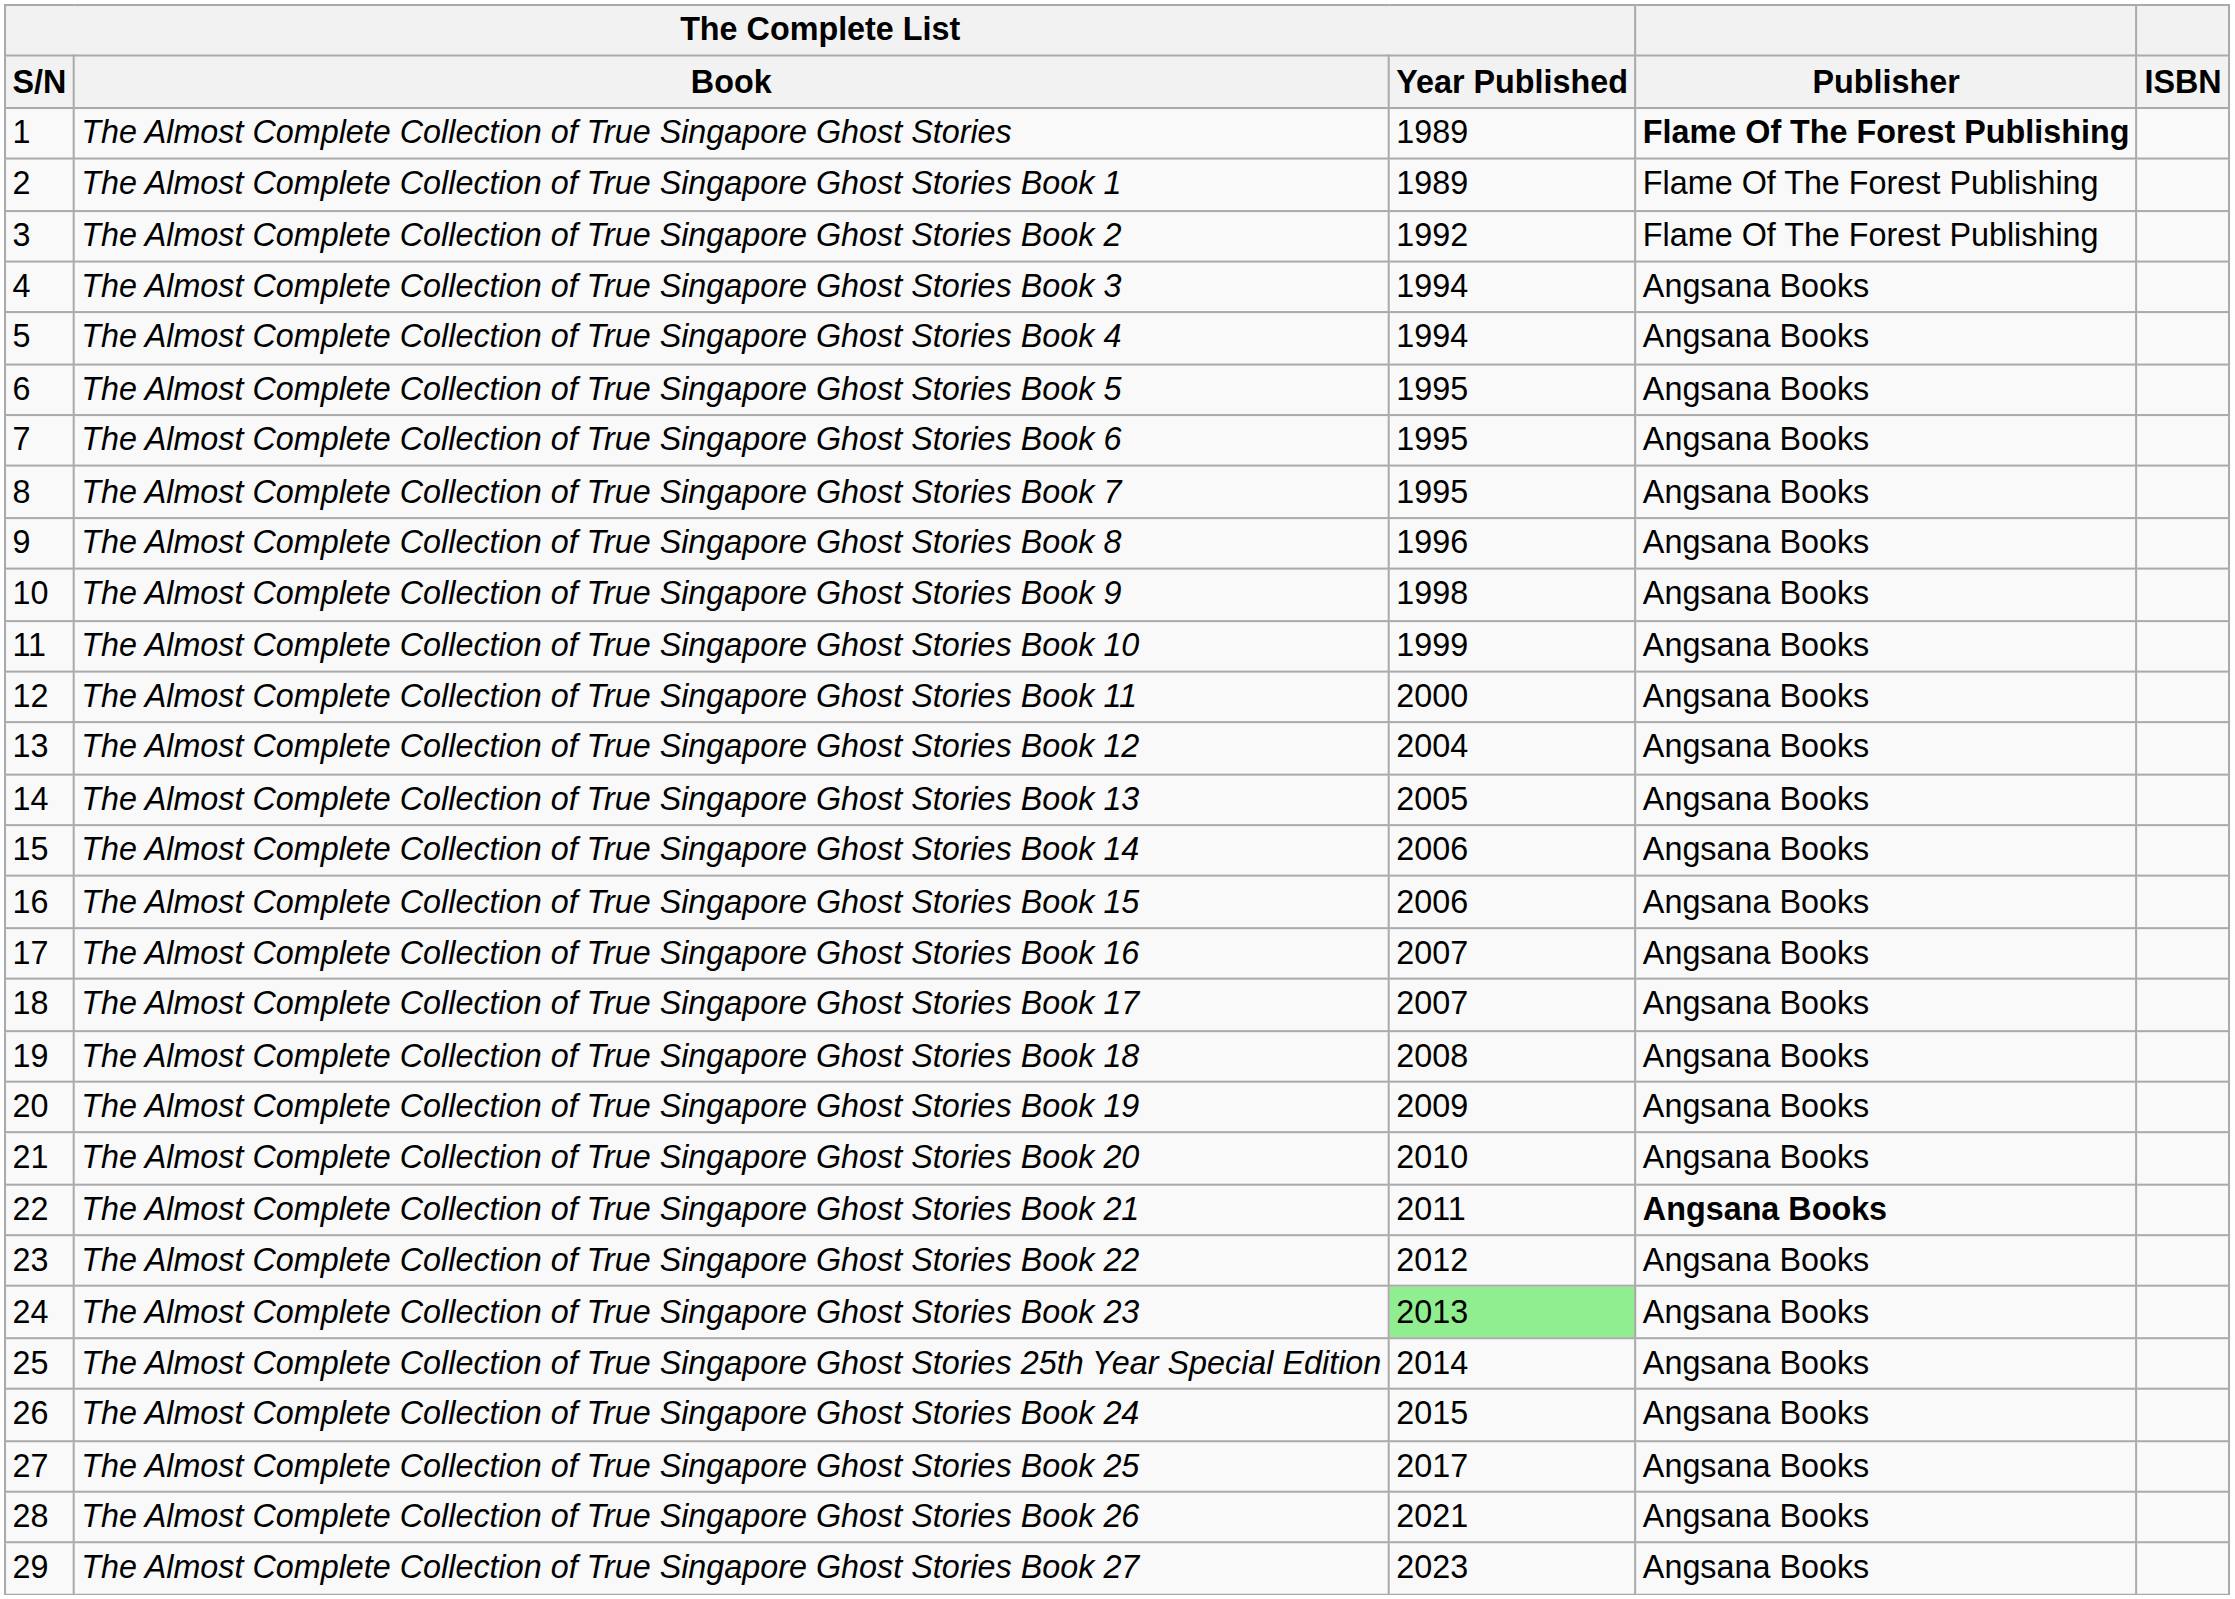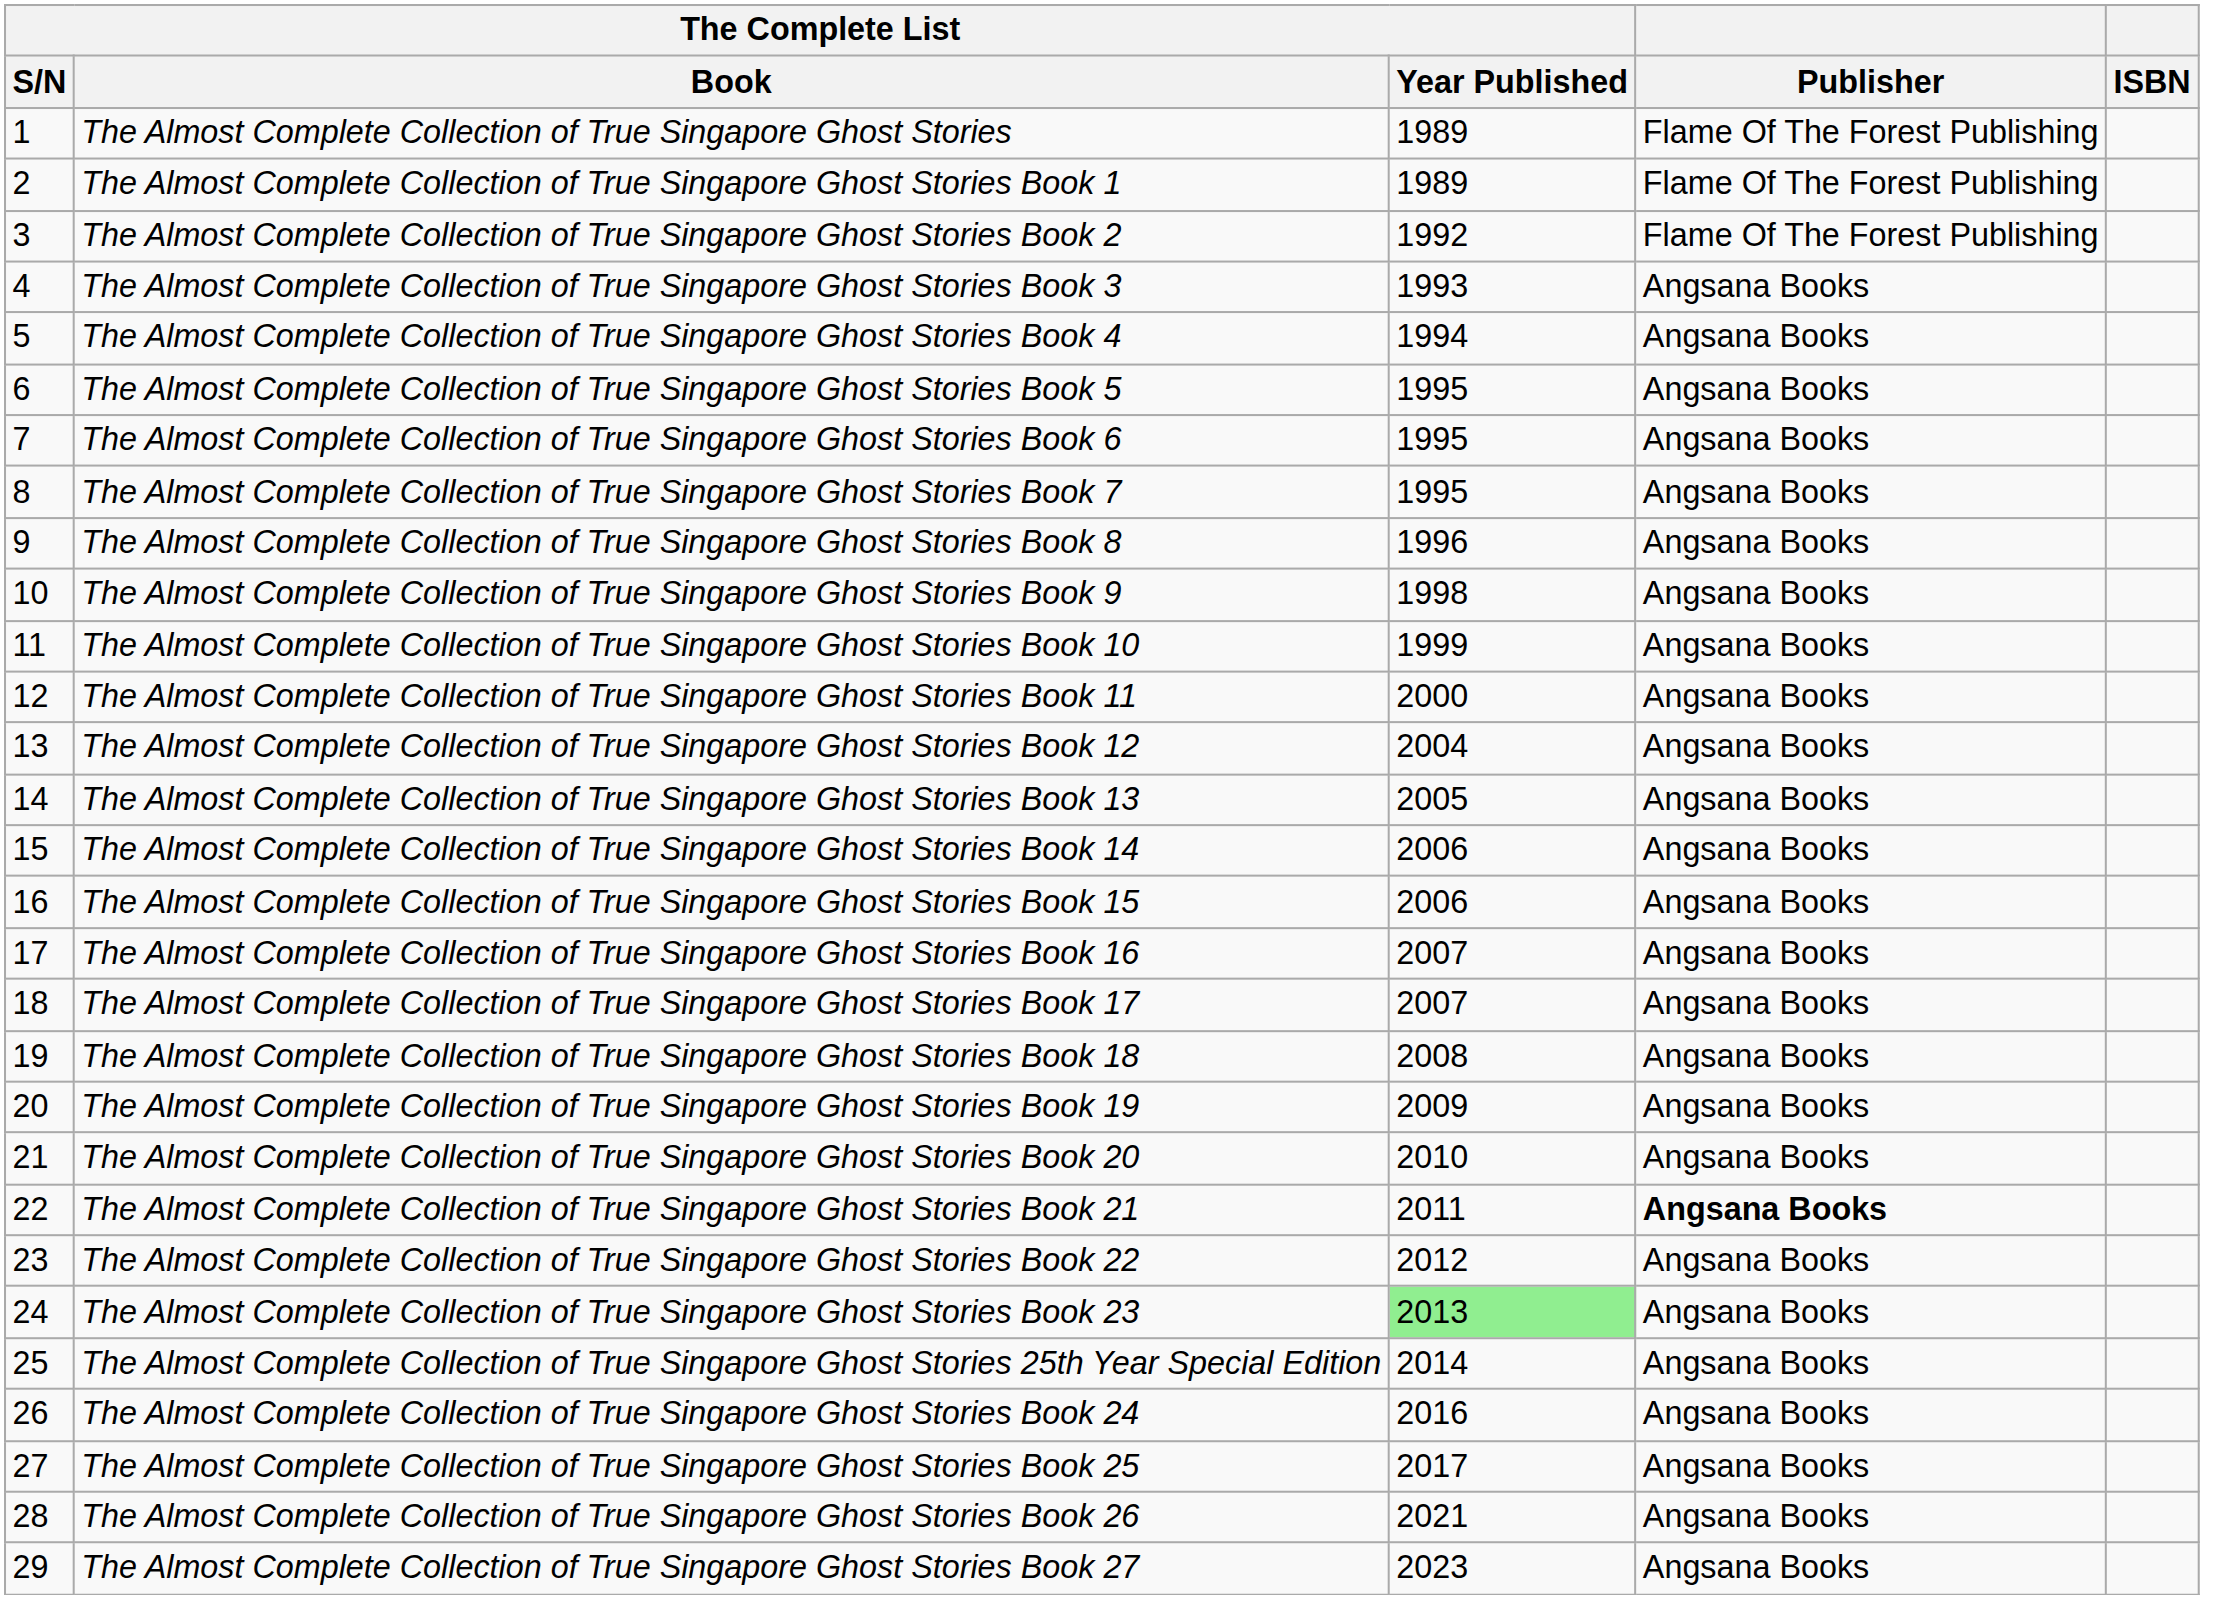 <table class="wikitable mw-collapsible mw-collapsed">
 <tr>
 <th colspan="3">The Complete List</th>
 <th></th>
 <th></th>
 </tr>
 <tr>
 <th>S/N</th>
 <th>Book</th>
 <th>Year Published</th>
 <th>Publisher</th>
 <th>ISBN</th>
 </tr>
 <tr>
 <td>1</td>
 <td><em>The Almost Complete Collection of True Singapore Ghost Stories</em></td>
 <td>1989</td>
-<td><strong>Flame Of The Forest Publishing</strong></td>
+<td>Flame Of The Forest Publishing</td>
 <td></td>
 </tr>
 <tr>
 <td>2</td>
 <td><em>The Almost Complete Collection of True Singapore Ghost Stories Book 1</em></td>
 <td>1989</td>
 <td>Flame Of The Forest Publishing</td>
 <td></td>
 </tr>
 <tr>
 <td>3</td>
 <td><em>The Almost Complete Collection of True Singapore Ghost Stories Book 2</em></td>
 <td>1992</td>
 <td>Flame Of The Forest Publishing</td>
 <td></td>
 </tr>
 <tr>
 <td>4</td>
 <td><em>The Almost Complete Collection of True Singapore Ghost Stories Book 3</em></td>
-<td>1994</td>
+<td>1993</td>
 <td>Angsana Books</td>
 <td></td>
 </tr>
 <tr>
 <td>5</td>
 <td><em>The Almost Complete Collection of True Singapore Ghost Stories Book 4</em></td>
 <td>1994</td>
 <td>Angsana Books</td>
 <td></td>
 </tr>
 <tr>
 <td>6</td>
 <td><em>The Almost Complete Collection of True Singapore Ghost Stories Book 5</em></td>
 <td>1995</td>
 <td>Angsana Books</td>
 <td></td>
 </tr>
 <tr>
 <td>7</td>
 <td><em>The Almost Complete Collection of True Singapore Ghost Stories Book 6</em></td>
 <td>1995</td>
 <td>Angsana Books</td>
 <td></td>
 </tr>
 <tr>
 <td>8</td>
 <td><em>The Almost Complete Collection of True Singapore Ghost Stories Book 7</em></td>
 <td>1995</td>
 <td>Angsana Books</td>
 <td></td>
 </tr>
 <tr>
 <td>9</td>
 <td><em>The Almost Complete Collection of True Singapore Ghost Stories Book 8</em></td>
 <td>1996</td>
 <td>Angsana Books</td>
 <td></td>
 </tr>
 <tr>
 <td>10</td>
 <td><em>The Almost Complete Collection of True Singapore Ghost Stories Book 9</em></td>
 <td>1998</td>
 <td>Angsana Books</td>
 <td></td>
 </tr>
 <tr>
 <td>11</td>
 <td><em>The Almost Complete Collection of True Singapore Ghost Stories Book 10</em></td>
 <td>1999</td>
 <td>Angsana Books</td>
 <td></td>
 </tr>
 <tr>
 <td>12</td>
 <td><em>The Almost Complete Collection of True Singapore Ghost Stories Book 11</em></td>
 <td>2000</td>
 <td>Angsana Books</td>
 <td></td>
 </tr>
 <tr>
 <td>13</td>
 <td><em>The Almost Complete Collection of True Singapore Ghost Stories Book 12</em></td>
 <td>2004</td>
 <td>Angsana Books</td>
 <td></td>
 </tr>
 <tr>
 <td>14</td>
 <td><em>The Almost Complete Collection of True Singapore Ghost Stories Book 13</em></td>
 <td>2005</td>
 <td>Angsana Books</td>
 <td></td>
 </tr>
 <tr>
 <td>15</td>
 <td><em>The Almost Complete Collection of True Singapore Ghost Stories Book 14</em></td>
 <td>2006</td>
 <td>Angsana Books</td>
 <td></td>
 </tr>
 <tr>
 <td>16</td>
 <td><em>The Almost Complete Collection of True Singapore Ghost Stories Book 15</em></td>
 <td>2006</td>
 <td>Angsana Books</td>
 <td></td>
 </tr>
 <tr>
 <td>17</td>
 <td><em>The Almost Complete Collection of True Singapore Ghost Stories Book 16</em></td>
 <td>2007</td>
 <td>Angsana Books</td>
 <td></td>
 </tr>
 <tr>
 <td>18</td>
 <td><em>The Almost Complete Collection of True Singapore Ghost Stories Book 17</em></td>
 <td>2007</td>
 <td>Angsana Books</td>
 <td></td>
 </tr>
 <tr>
 <td>19</td>
 <td><em>The Almost Complete Collection of True Singapore Ghost Stories Book 18</em></td>
 <td>2008</td>
 <td>Angsana Books</td>
 <td></td>
 </tr>
 <tr>
 <td>20</td>
 <td><em>The Almost Complete Collection of True Singapore Ghost Stories Book 19</em></td>
 <td>2009</td>
 <td>Angsana Books</td>
 <td></td>
 </tr>
 <tr>
 <td>21</td>
 <td><em>The Almost Complete Collection of True Singapore Ghost Stories Book 20</em></td>
 <td>2010</td>
 <td>Angsana Books</td>
 <td></td>
 </tr>
 <tr>
 <td>22</td>
 <td><em>The Almost Complete Collection of True Singapore Ghost Stories Book 21</em></td>
 <td>2011</td>
 <td><strong>Angsana Books</strong></td>
 <td></td>
 </tr>
 <tr>
 <td>23</td>
 <td><em>The Almost Complete Collection of True Singapore Ghost Stories Book 22</em></td>
 <td>2012</td>
 <td>Angsana Books</td>
 <td></td>
 </tr>
 <tr>
 <td>24</td>
 <td><em>The Almost Complete Collection of True Singapore Ghost Stories Book 23</em></td>
 <td style="background: lightgreen;">2013</td>
 <td>Angsana Books</td>
 <td></td>
 </tr>
 <tr>
 <td>25</td>
 <td><em>The Almost Complete Collection of True Singapore Ghost Stories 25th Year Special Edition</em></td>
 <td>2014</td>
 <td>Angsana Books</td>
 <td></td>
 </tr>
 <tr>
 <td>26</td>
 <td><em>The Almost Complete Collection of True Singapore Ghost Stories Book 24</em></td>
-<td>2015</td>
+<td>2016</td>
 <td>Angsana Books</td>
 <td></td>
 </tr>
 <tr>
 <td>27</td>
 <td><em>The Almost Complete Collection of True Singapore Ghost Stories Book 25</em></td>
 <td>2017</td>
 <td>Angsana Books</td>
 <td></td>
 </tr>
 <tr>
 <td>28</td>
 <td><em>The Almost Complete Collection of True Singapore Ghost Stories Book 26</em></td>
 <td>2021</td>
 <td>Angsana Books</td>
 <td></td>
 </tr>
 <tr>
 <td>29</td>
 <td><em>The Almost Complete Collection of True Singapore Ghost Stories Book 27</em></td>
 <td>2023</td>
 <td>Angsana Books</td>
 <td></td>
 </tr>
 </table>
